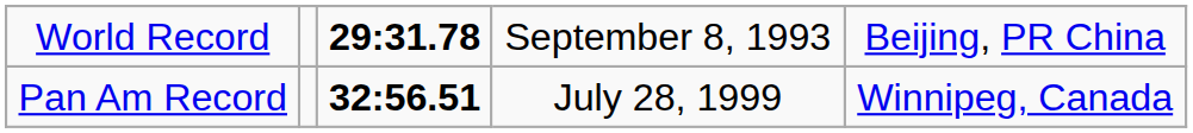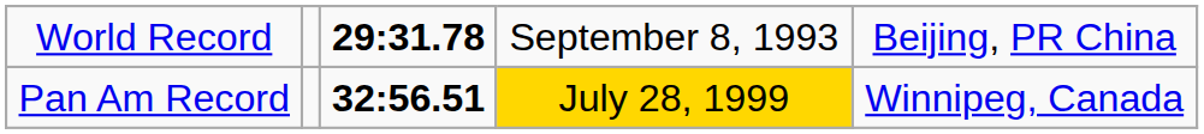 <table class="wikitable" style=" text-align:center; font-size:95%;" width="75%">
 <tr>
 <td><a href='#'>World Record</a></td>
 <td></td>
 <td><strong>29:31.78</strong></td>
 <td>September 8, 1993</td>
 <td> <a href='#'>Beijing</a>, <a href='#'>PR China</a></td>
 </tr>
 <tr>
 <td><a href='#'>Pan Am Record</a></td>
 <td></td>
 <td><strong>32:56.51</strong></td>
-<td>July 28, 1999</td>
+<td style="background: gold;">July 28, 1999</td>
 <td> <a href='#'>Winnipeg, Canada</a></td>
 </tr>
 </table>
